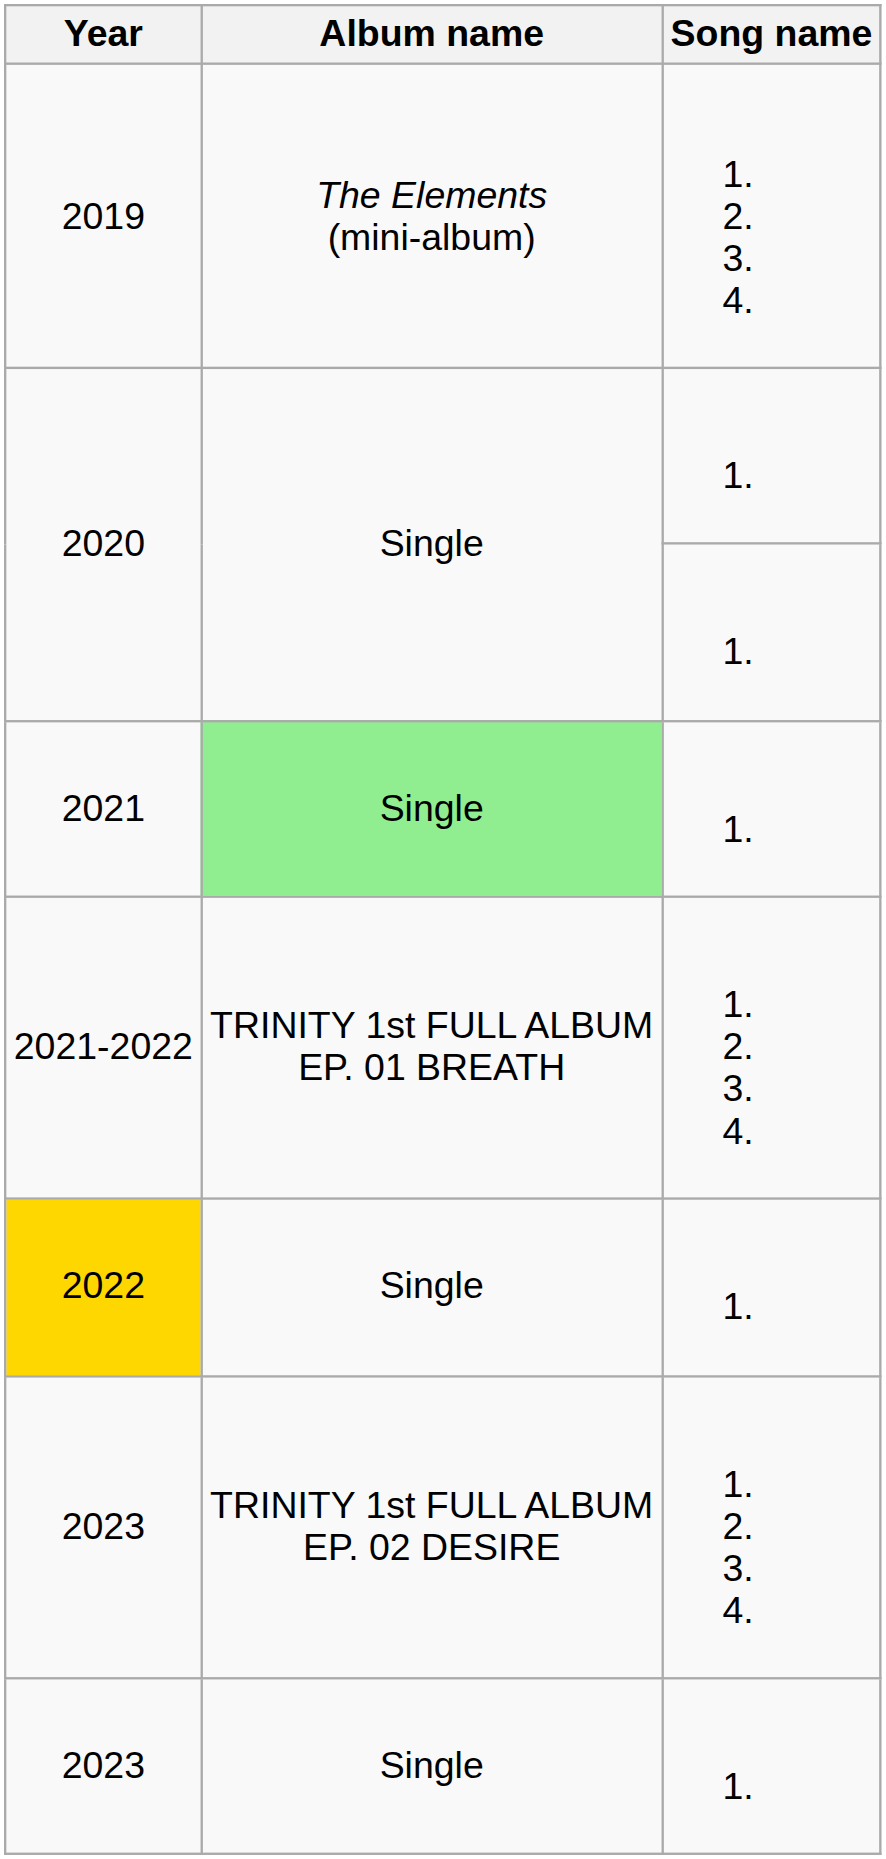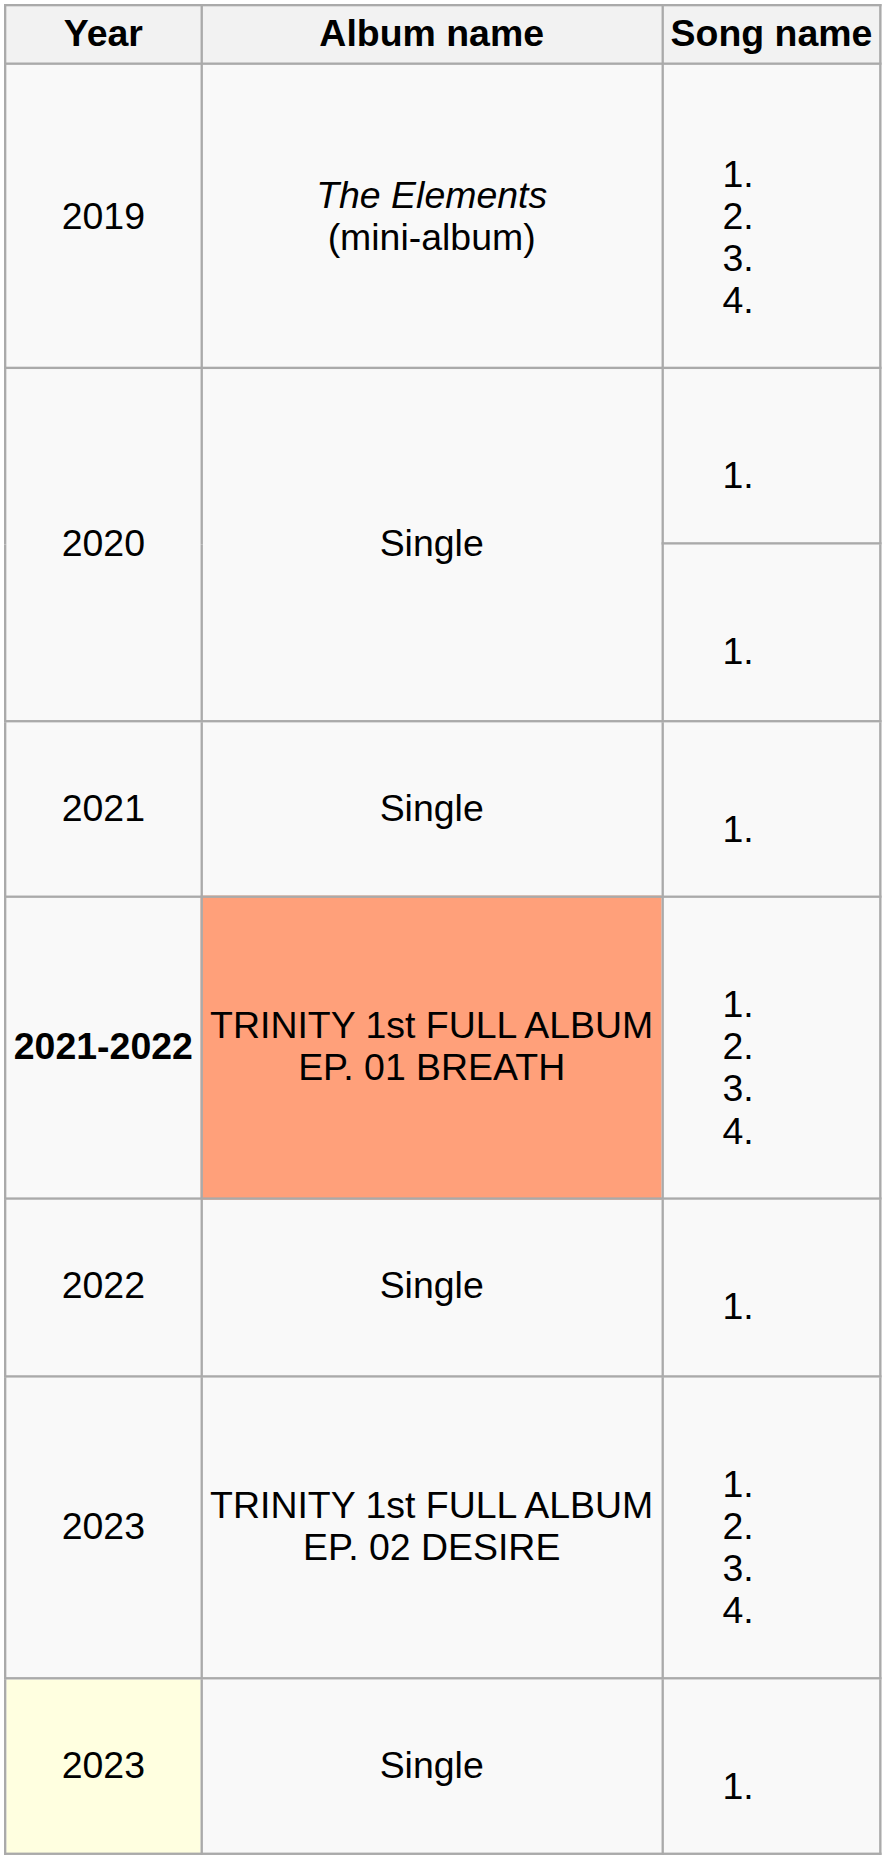 <table class="wikitable sortable mw-collapsible" style="text-align:center;">
 <tr>
 <th>Year</th>
 <th>Album name</th>
 <th>Song name</th>
 </tr>
 <tr>
 <td>2019</td>
 <td><em>The Elements </em><br>(mini-album)</td>
 <td><br><ol><li></li><li></li><li></li><li></li></ol></td>
 </tr>
 <tr>
 <td rowspan="2">2020</td>
 <td rowspan="2">Single</td>
 <td><br><ol><li></li></ol></td>
 </tr>
 <tr>
 <td><br><ol><li><br></li></ol></td>
 </tr>
 <tr>
 <td>2021</td>
-<td style="background: lightgreen;">Single</td>
+<td>Single</td>
 <td><br><ol><li><br></li></ol></td>
 </tr>
 <tr>
-<td>2021-2022</td>
-<td>TRINITY 1st FULL ALBUM<br>EP. 01 BREATH</td>
+<td><strong>2021-2022</strong></td>
+<td style="background: lightsalmon;">TRINITY 1st FULL ALBUM<br>EP. 01 BREATH</td>
 <td><br><ol><li></li><li></li><li></li><li></li></ol></td>
 </tr>
 <tr>
-<td style="background: gold;">2022</td>
+<td>2022</td>
 <td>Single</td>
 <td><br><ol><li><br></li></ol></td>
 </tr>
 <tr>
 <td>2023</td>
 <td>TRINITY 1st FULL ALBUM<br>EP. 02 DESIRE</td>
 <td><br><ol><li></li><li></li><li></li><li></li></ol></td>
 </tr>
 <tr>
-<td>2023</td>
+<td style="background: lightyellow;">2023</td>
 <td>Single</td>
 <td><br><ol><li><br></li></ol></td>
 </tr>
 </table>
